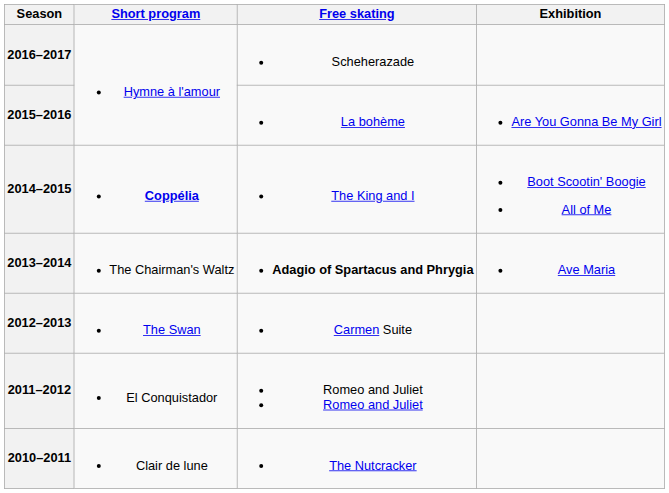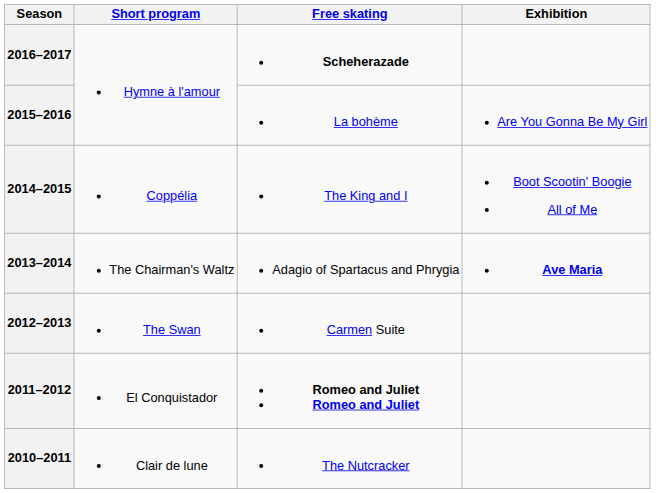 <table class=wikitable style=text-align:center>
 <tr>
 <th>Season</th>
 <th><a href='#'>Short program</a></th>
 <th><a href='#'>Free skating</a></th>
 <th>Exhibition</th>
 </tr>
 <tr>
 <th>2016–2017</th>
 <td rowspan=2><br><ul><li><a href='#'>Hymne à l'amour</a> <br></li></ul></td>
-<td><br><ul><li>Scheherazade</li></ul></td>
+<td><strong><br><ul><li>Scheherazade</li></ul></strong></td>
 <td></td>
 </tr>
 <tr>
 <th>2015–2016<br></th>
 <td><br><ul><li><a href='#'>La bohème</a> <br></li></ul></td>
 <td><br><ul><li><a href='#'>Are You Gonna Be My Girl</a> <br></li></ul></td>
 </tr>
 <tr>
 <th>2014–2015<br></th>
-<td><strong><br><ul><li><a href='#'>Coppélia</a> <br></li></ul></strong></td>
+<td><br><ul><li><a href='#'>Coppélia</a> <br></li></ul></td>
 <td><br><ul><li><a href='#'>The King and I</a> <br></li></ul></td>
 <td><br><ul><li><a href='#'>Boot Scootin' Boogie</a> <br></li></ul><ul><li><a href='#'>All of Me</a> <br></li></ul></td>
 </tr>
 <tr>
 <th>2013–2014<br></th>
 <td><br><ul><li>The Chairman's Waltz <br></li></ul></td>
-<td><strong><br><ul><li>Adagio of Spartacus and Phrygia <br></li></ul></strong></td>
-<td><br><ul><li><a href='#'>Ave Maria</a> <br></li></ul></td>
+<td><br><ul><li>Adagio of Spartacus and Phrygia <br></li></ul></td>
+<td><strong><br><ul><li><a href='#'>Ave Maria</a> <br></li></ul></strong></td>
 </tr>
 <tr>
 <th>2012–2013<br></th>
 <td><br><ul><li><a href='#'>The Swan</a> <br></li></ul></td>
 <td><br><ul><li><a href='#'>Carmen</a> Suite <br></li></ul></td>
 <td></td>
 </tr>
 <tr>
 <th>2011–2012<br></th>
 <td><br><ul><li>El Conquistador <br></li></ul></td>
-<td><br><ul><li>Romeo and Juliet <br></li><li><a href='#'>Romeo and Juliet</a> <br></li></ul></td>
+<td><strong><br><ul><li>Romeo and Juliet <br></li><li><a href='#'>Romeo and Juliet</a> <br></li></ul></strong></td>
 <td></td>
 </tr>
 <tr>
 <th>2010–2011<br></th>
 <td><br><ul><li>Clair de lune <br></li></ul></td>
 <td><br><ul><li><a href='#'>The Nutcracker</a> <br></li></ul></td>
 <td></td>
 </tr>
 </table>
